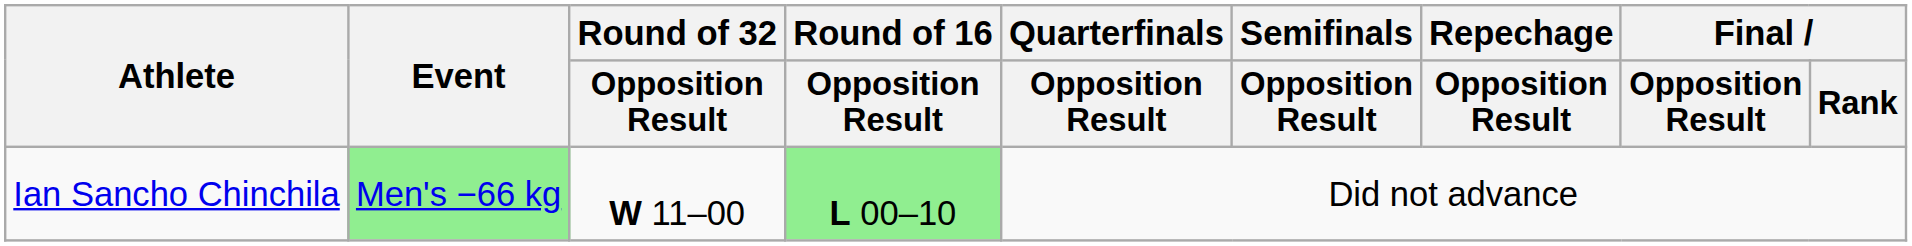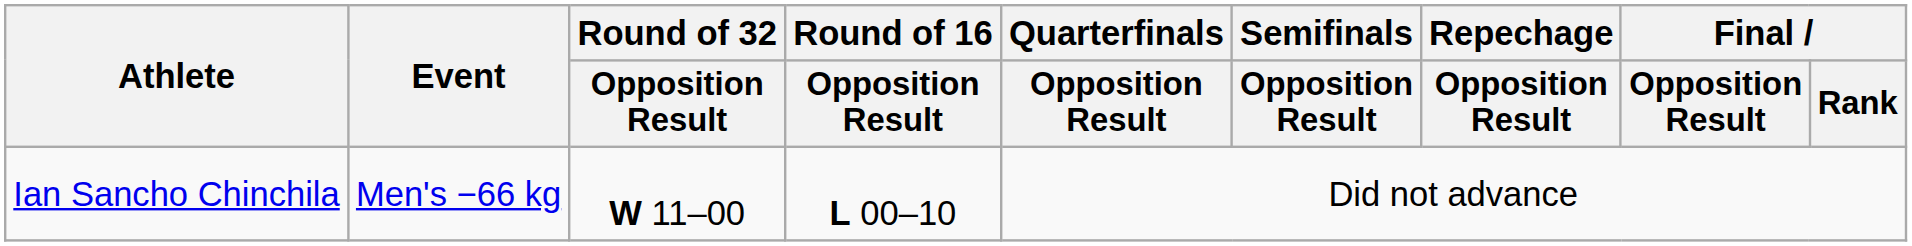 <table class="wikitable" style="font-size:90%">
 <tr>
 <th rowspan="2">Athlete</th>
 <th rowspan="2">Event</th>
 <th>Round of 32</th>
 <th>Round of 16</th>
 <th>Quarterfinals</th>
 <th>Semifinals</th>
 <th>Repechage</th>
 <th colspan=2>Final / </th>
 </tr>
 <tr style="font-size:95%">
 <th>Opposition<br>Result</th>
 <th>Opposition<br>Result</th>
 <th>Opposition<br>Result</th>
 <th>Opposition<br>Result</th>
 <th>Opposition<br>Result</th>
 <th>Opposition<br>Result</th>
 <th>Rank</th>
 </tr>
 <tr align=center>
 <td align=left><a href='#'>Ian Sancho Chinchila</a></td>
-<td align=left style="background: lightgreen;"><a href='#'>Men's −66 kg</a></td>
+<td align=left><a href='#'>Men's −66 kg</a></td>
 <td><br><strong>W</strong> 11–00</td>
-<td style="background: lightgreen;"><br><strong>L</strong> 00–10</td>
+<td><br><strong>L</strong> 00–10</td>
 <td colspan="5">Did not advance</td>
 </tr>
 </table>
